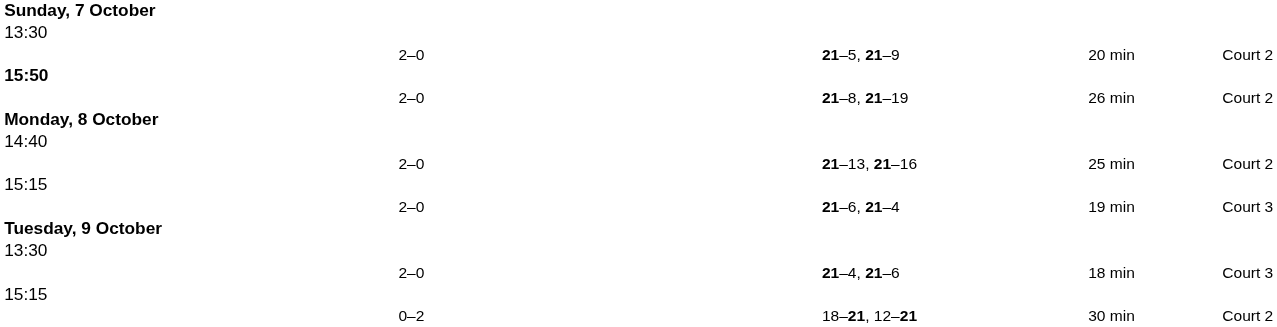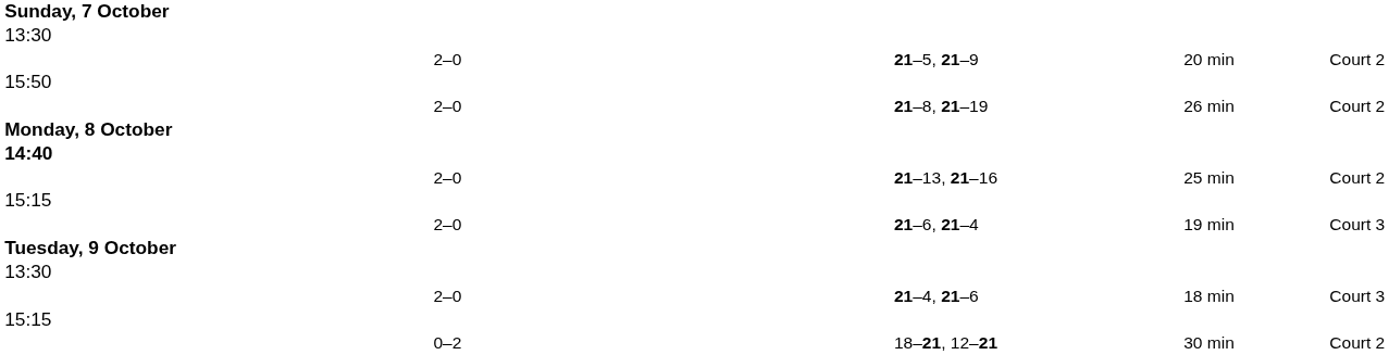 <table style="width:100%;" cellspacing="1">
 <tr>
 <th width=25%></th>
 <th width=10%></th>
 <th width=25%></th>
 </tr>
 <tr>
 <td><strong>Sunday, 7 October</strong></td>
 </tr>
 <tr>
 <td>13:30</td>
 </tr>
 <tr style=font-size:90%>
 <td align=right><strong></strong></td>
 <td align=center>2–0</td>
 <td></td>
 <td><strong>21</strong>–5, <strong>21</strong>–9</td>
 <td>20 min</td>
 <td>Court 2</td>
 </tr>
 <tr>
-<td><strong>15:50</strong></td>
+<td>15:50</td>
 </tr>
 <tr style=font-size:90%>
 <td align=right><strong></strong></td>
 <td align=center>2–0</td>
 <td></td>
 <td><strong>21</strong>–8, <strong>21</strong>–19</td>
 <td>26 min</td>
 <td>Court 2</td>
 </tr>
 <tr>
 <td><strong>Monday, 8 October</strong></td>
 </tr>
 <tr>
-<td>14:40</td>
+<td><strong>14:40</strong></td>
 </tr>
 <tr style=font-size:90%>
 <td align=right><strong></strong></td>
 <td align=center>2–0</td>
 <td></td>
 <td><strong>21</strong>–13, <strong>21</strong>–16</td>
 <td>25 min</td>
 <td>Court 2</td>
 </tr>
 <tr>
 <td>15:15</td>
 </tr>
 <tr style=font-size:90%>
 <td align=right><strong></strong></td>
 <td align=center>2–0</td>
 <td></td>
 <td><strong>21</strong>–6, <strong>21</strong>–4</td>
 <td>19 min</td>
 <td>Court 3</td>
 </tr>
 <tr>
 <td><strong>Tuesday, 9 October</strong></td>
 </tr>
 <tr>
 <td>13:30</td>
 </tr>
 <tr style=font-size:90%>
 <td align=right><strong></strong></td>
 <td align=center>2–0</td>
 <td></td>
 <td><strong>21</strong>–4, <strong>21</strong>–6</td>
 <td>18 min</td>
 <td>Court 3</td>
 </tr>
 <tr>
 <td>15:15</td>
 </tr>
 <tr style=font-size:90%>
 <td align=right></td>
 <td align=center>0–2</td>
 <td><strong></strong></td>
 <td>18–<strong>21</strong>, 12–<strong>21</strong></td>
 <td>30 min</td>
 <td>Court 2</td>
 </tr>
 </table>
